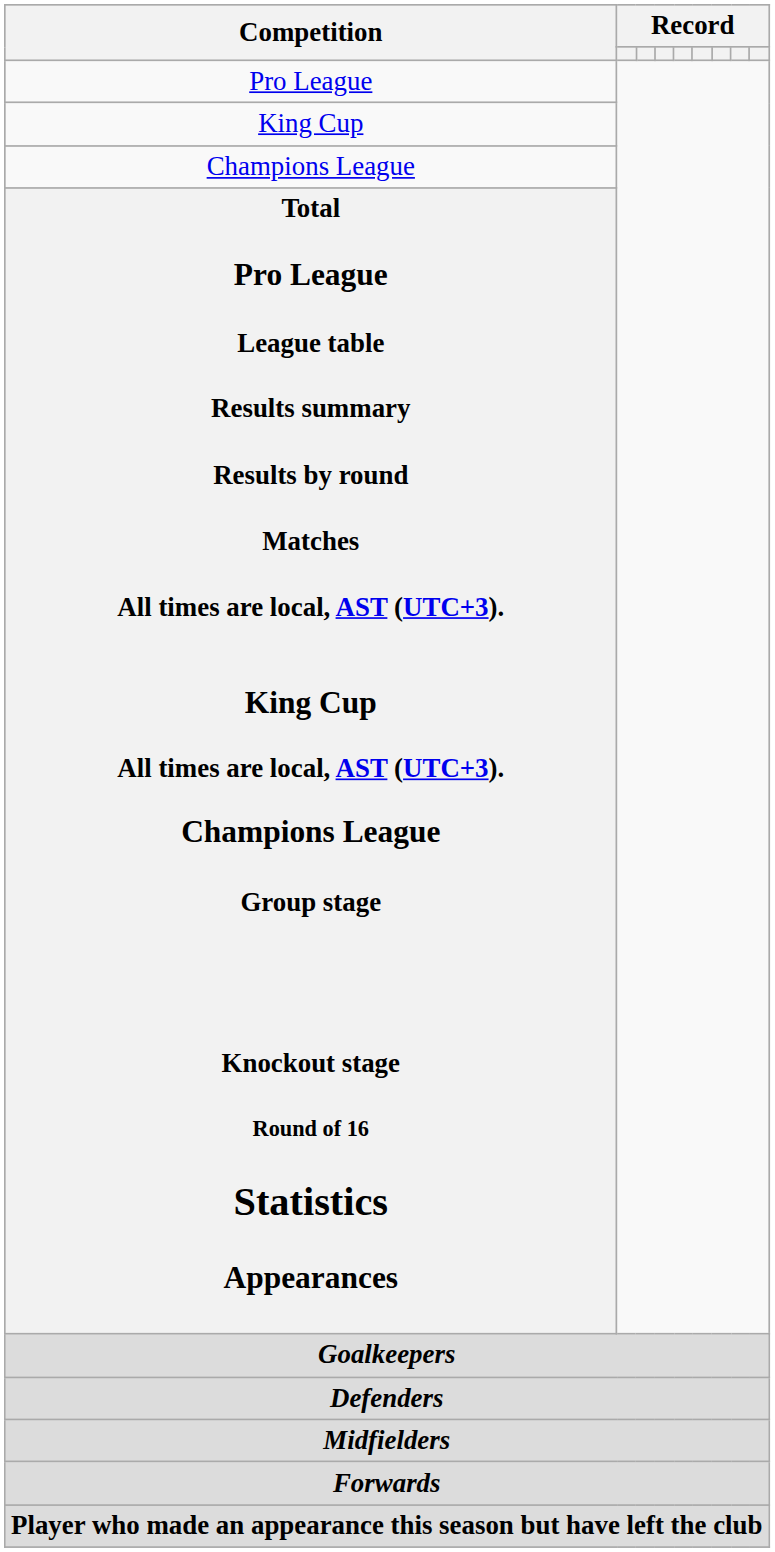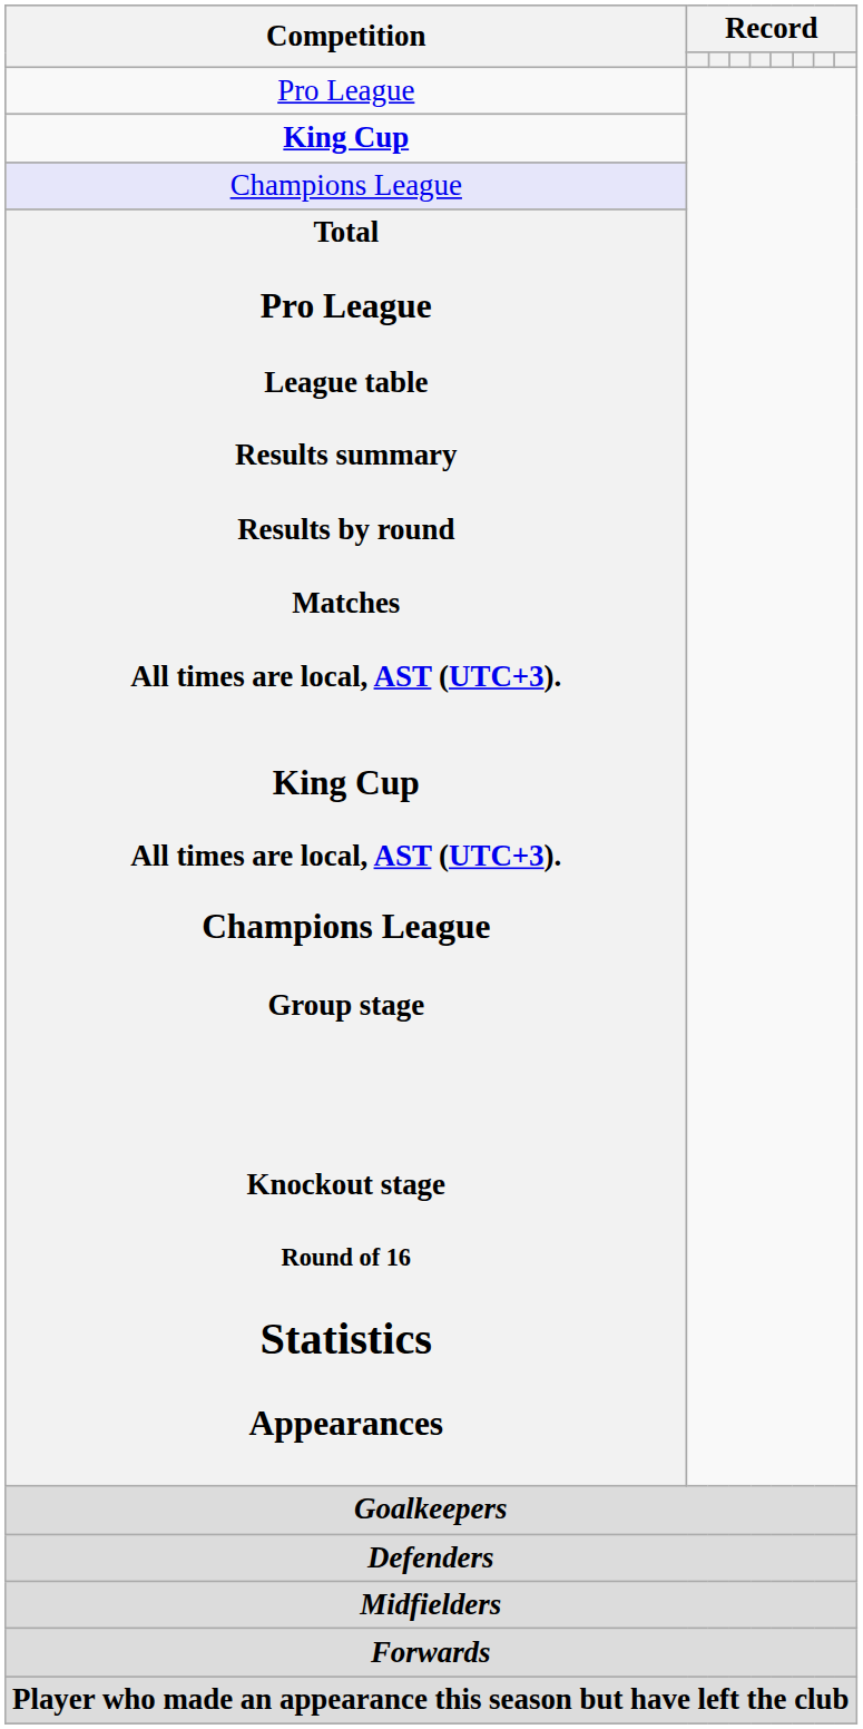 <table class="wikitable" style="text-align: center">
 <tr>
 <th rowspan=2>Competition</th>
 <th colspan=8>Record</th>
 </tr>
 <tr>
 <th></th>
 <th></th>
 <th></th>
 <th></th>
 <th></th>
 <th></th>
 <th></th>
 <th></th>
 </tr>
 <tr>
 <td><a href='#'>Pro League</a><br></td>
 </tr>
 <tr>
-<td><a href='#'>King Cup</a><br></td>
+<td><strong><a href='#'>King Cup</a><br></strong></td>
 </tr>
 <tr>
-<td><a href='#'>Champions League</a><br></td>
+<td style="background: lavender;"><a href='#'>Champions League</a><br></td>
 </tr>
 <tr>
 <th>Total<br> <h3>Pro League</h3><h4>League table</h4><h4>Results summary</h4> <h4>Results by round</h4><h4>Matches</h4>All times are local, <a href='#'>AST</a> (<a href='#'>UTC+3</a>).<br>   <br>                                 <h3>King Cup</h3> All times are local, <a href='#'>AST</a> (<a href='#'>UTC+3</a>).<br> <h3>Champions League</h3><h4>Group stage</h4><br><br>     <h4>Knockout stage</h4><h5>Round of 16</h5> <h2>Statistics</h2><h3>Appearances</h3></th>
 </tr>
 <tr>
 <th colspan=12 style=background:#dcdcdc; text-align:center><em>Goalkeepers</em><br>   </th>
 </tr>
 <tr>
 <th colspan=12 style=background:#dcdcdc; text-align:center><em>Defenders</em><br>          </th>
 </tr>
 <tr>
 <th colspan=12 style=background:#dcdcdc; text-align:center><em>Midfielders</em><br>         </th>
 </tr>
 <tr>
 <th colspan=12 style=background:#dcdcdc; text-align:center><em>Forwards</em><br>      </th>
 </tr>
 <tr>
 <th colspan=18 style=background:#dcdcdc; text-align:center>Player who made an appearance this season but have left the club<br>  </th>
 </tr>
 </table>
